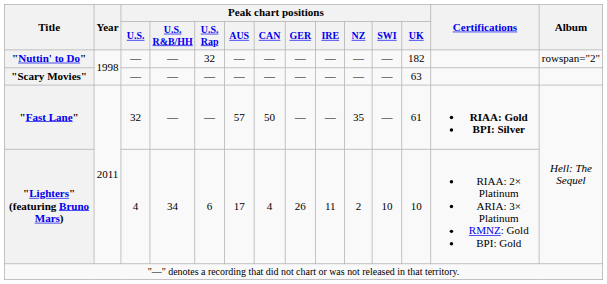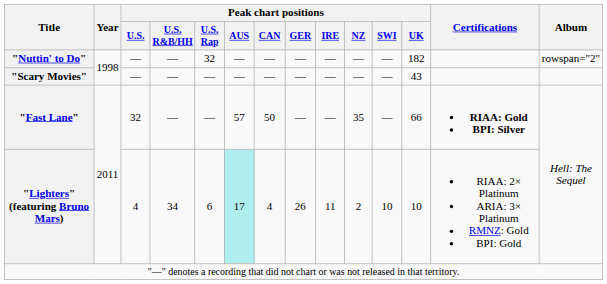 <table class="wikitable plainrowheaders" style="text-align:center;">
 <tr>
 <th scope="col" rowspan="2" style="width:10em;">Title</th>
 <th scope="col" rowspan="2">Year</th>
 <th scope="col" colspan="10">Peak chart positions</th>
 <th scope="col" rowspan="2" style="width:12em;"><a href='#'>Certifications</a></th>
 <th scope="col" rowspan="2">Album</th>
 </tr>
 <tr>
 <th style="width:3em;font-size:90%;"><a href='#'>U.S.</a><br></th>
 <th style="width:3em;font-size:90%;"><a href='#'>U.S.<br>R&B/HH</a><br></th>
 <th style="width:3em;font-size:90%;"><a href='#'>U.S.<br>Rap</a><br></th>
 <th style="width:3em;font-size:90%;"><a href='#'>AUS</a><br></th>
 <th style="width:3em;font-size:90%"><a href='#'>CAN</a><br></th>
 <th style="width:3em;font-size:90%;"><a href='#'>GER</a><br></th>
 <th style="width:3em;font-size:90%;"><a href='#'>IRE</a><br></th>
 <th style="width:3em;font-size:90%;"><a href='#'>NZ</a><br></th>
 <th style="width:3em;font-size:90%;"><a href='#'>SWI</a><br></th>
 <th style="width:3em;font-size:90%;"><a href='#'>UK</a><br></th>
 </tr>
 <tr>
 <th scope="row">"<a href='#'>Nuttin' to Do</a>"</th>
 <td rowspan="2">1998</td>
 <td>—</td>
 <td>—</td>
 <td>32</td>
 <td>—</td>
 <td>—</td>
 <td>—</td>
 <td>—</td>
 <td>—</td>
 <td>—</td>
 <td>182</td>
 <td></td>
 <td>rowspan="2"</td>
 </tr>
 <tr>
 <th scope="row">"Scary Movies"</th>
 <td>—</td>
 <td>—</td>
 <td>—</td>
 <td>—</td>
 <td>—</td>
 <td>—</td>
 <td>—</td>
 <td>—</td>
 <td>—</td>
-<td>63</td>
+<td>43</td>
 <td></td>
 </tr>
 <tr>
 <th scope="row">"<a href='#'>Fast Lane</a>"</th>
 <td rowspan="2">2011</td>
 <td>32</td>
 <td>—</td>
 <td>—</td>
 <td>57</td>
 <td>50</td>
 <td>—</td>
 <td>—</td>
 <td>35</td>
 <td>—</td>
-<td>61</td>
+<td>66</td>
 <td><strong><br><ul><li>RIAA: Gold</li><li>BPI: Silver</li></ul></strong></td>
 <td rowspan="2"><em>Hell: The Sequel</em></td>
 </tr>
 <tr>
 <th scope="row">"<a href='#'>Lighters</a>"<br><span>(featuring <a href='#'>Bruno Mars</a>)</span></th>
 <td>4</td>
 <td>34</td>
 <td>6</td>
-<td>17</td>
+<td style="background: paleturquoise;">17</td>
 <td>4</td>
 <td>26</td>
 <td>11</td>
 <td>2</td>
 <td>10</td>
 <td>10</td>
 <td><br><ul><li>RIAA: 2× Platinum</li><li>ARIA: 3× Platinum</li><li><a href='#'>RMNZ</a>: Gold</li><li>BPI: Gold</li></ul></td>
 </tr>
 <tr>
 <td colspan="14" style="font-size:90%">"—" denotes a recording that did not chart or was not released in that territory.</td>
 </tr>
 </table>
